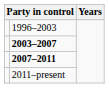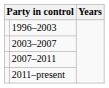 <table class="wikitable">
 <tr>
 <th colspan="2">Party in control</th>
 <th>Years</th>
 </tr>
 <tr>
 <td></td>
 <td>1996–2003</td>
 </tr>
 <tr>
 <td></td>
-<td><strong>2003–2007</strong></td>
+<td>2003–2007</td>
 </tr>
 <tr>
 <td></td>
-<td><strong>2007–2011</strong></td>
+<td>2007–2011</td>
 </tr>
 <tr>
 <td></td>
 <td>2011–present</td>
 </tr>
 </table>
